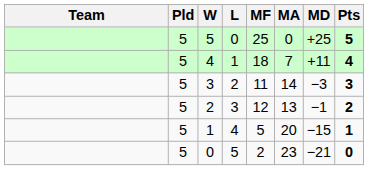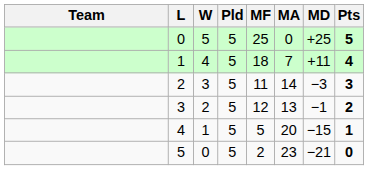 <table class="wikitable" style="text-align:center">
 <tr>
 <th width="175">Team</th>
+<th width="20">L</th>
+<th width="20">W</th>
 <th width="20">Pld</th>
-<th width="20">W</th>
-<th width="20">L</th>
 <th width="20">MF</th>
 <th width="20">MA</th>
 <th width="20">MD</th>
 <th width="20">Pts</th>
 </tr>
 <tr bgcolor="ccffcc">
 <td align="left"></td>
+<td>0</td>
 <td>5</td>
 <td>5</td>
-<td>0</td>
 <td>25</td>
 <td>0</td>
 <td>+25</td>
 <td><strong>5</strong></td>
 </tr>
 <tr bgcolor="ccffcc">
 <td align="left"></td>
+<td>1</td>
+<td>4</td>
 <td>5</td>
-<td>4</td>
-<td>1</td>
 <td>18</td>
 <td>7</td>
 <td>+11</td>
 <td><strong>4</strong></td>
 </tr>
 <tr>
 <td align="left"></td>
+<td>2</td>
+<td>3</td>
 <td>5</td>
-<td>3</td>
-<td>2</td>
 <td>11</td>
 <td>14</td>
 <td>−3</td>
 <td><strong>3</strong></td>
 </tr>
 <tr>
 <td align="left"></td>
+<td>3</td>
+<td>2</td>
 <td>5</td>
-<td>2</td>
-<td>3</td>
 <td>12</td>
 <td>13</td>
 <td>−1</td>
 <td><strong>2</strong></td>
 </tr>
 <tr>
 <td align="left"></td>
+<td>4</td>
+<td>1</td>
 <td>5</td>
-<td>1</td>
-<td>4</td>
 <td>5</td>
 <td>20</td>
 <td>−15</td>
 <td><strong>1</strong></td>
 </tr>
 <tr>
 <td align="left"></td>
 <td>5</td>
 <td>0</td>
 <td>5</td>
 <td>2</td>
 <td>23</td>
 <td>−21</td>
 <td><strong>0</strong></td>
 </tr>
 </table>
